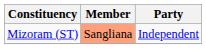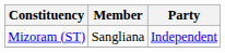 <table class="wikitable sortable">
 <tr>
 <th>Constituency</th>
 <th>Member</th>
 <th>Party</th>
 </tr>
 <tr>
 <td><a href='#'>Mizoram (ST)</a></td>
-<td style="background: lightsalmon;">Sangliana</td>
+<td>Sangliana</td>
 <td><a href='#'>Independent</a></td>
 </tr>
 <tr>
 </tr>
 </table>
